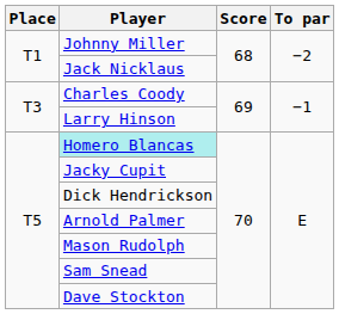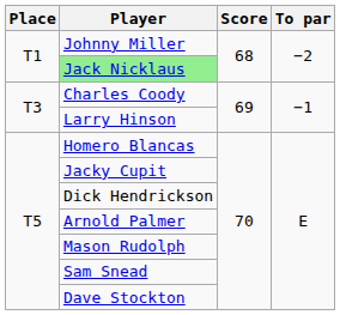 <table class=wikitable>
 <tr>
 <th>Place</th>
 <th>Player</th>
 <th>Score</th>
 <th>To par</th>
 </tr>
 <tr>
 <td rowspan=2 align=center>T1</td>
 <td> <a href='#'>Johnny Miller</a></td>
 <td rowspan=2 align=center>68</td>
 <td rowspan=2 align=center>−2</td>
 </tr>
 <tr>
-<td> <a href='#'>Jack Nicklaus</a></td>
+<td style="background: lightgreen;"> <a href='#'>Jack Nicklaus</a></td>
 </tr>
 <tr>
 <td rowspan=2 align=center>T3</td>
 <td> <a href='#'>Charles Coody</a></td>
 <td rowspan=2 align=center>69</td>
 <td rowspan=2 align=center>−1</td>
 </tr>
 <tr>
 <td> <a href='#'>Larry Hinson</a></td>
 </tr>
 <tr>
 <td rowspan=7 align=center>T5</td>
-<td style="background: paleturquoise;"> <a href='#'>Homero Blancas</a></td>
+<td> <a href='#'>Homero Blancas</a></td>
 <td rowspan=7 align=center>70</td>
 <td rowspan=7 align=center>E</td>
 </tr>
 <tr>
 <td> <a href='#'>Jacky Cupit</a></td>
 </tr>
 <tr>
 <td> Dick Hendrickson</td>
 </tr>
 <tr>
 <td> <a href='#'>Arnold Palmer</a></td>
 </tr>
 <tr>
 <td> <a href='#'>Mason Rudolph</a></td>
 </tr>
 <tr>
 <td> <a href='#'>Sam Snead</a></td>
 </tr>
 <tr>
 <td> <a href='#'>Dave Stockton</a></td>
 </tr>
 </table>
